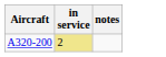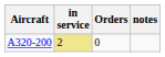 <table class="wikitable">
 <tr>
 <th>Aircraft</th>
 <th>in<br>service</th>
+<th>Orders</th>
 <th>notes</th>
 </tr>
 <tr>
 <td><a href='#'>A320-200</a></td>
 <td style="background: khaki;">2</td>
+<td>0</td>
 <td></td>
 </tr>
 </table>
